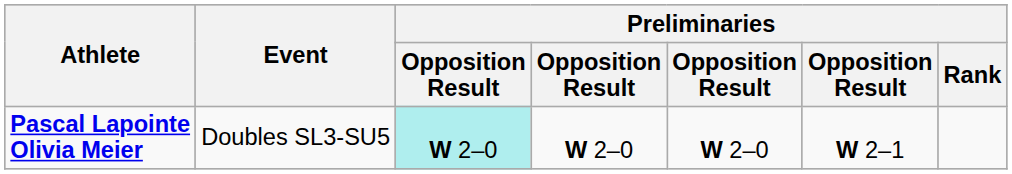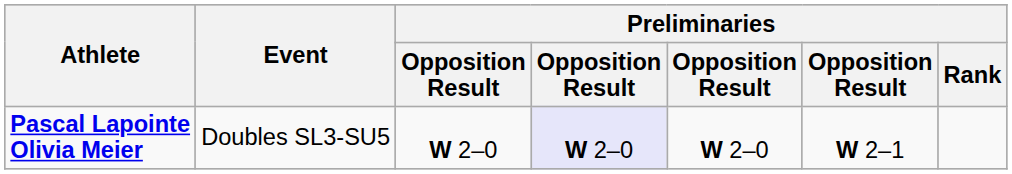 <table class=wikitable style="font-size:90%">
 <tr>
 <th rowspan="2">Athlete</th>
 <th rowspan="2">Event</th>
 <th colspan="5">Preliminaries</th>
 </tr>
 <tr>
 <th>Opposition<br>Result</th>
 <th>Opposition<br>Result</th>
 <th>Opposition<br>Result</th>
 <th>Opposition<br>Result</th>
 <th>Rank</th>
 </tr>
 <tr>
 <td><strong><a href='#'>Pascal Lapointe</a></strong><br><strong><a href='#'>Olivia Meier</a></strong></td>
 <td>Doubles SL3-SU5</td>
-<td align="center" style="background: paleturquoise;"><br><strong>W</strong> 2–0</td>
 <td align="center"><br><strong>W</strong> 2–0</td>
+<td align="center" style="background: lavender;"><br><strong>W</strong> 2–0</td>
 <td align="center"><br><strong>W</strong> 2–0</td>
 <td align="center"><br><strong>W</strong> 2–1</td>
 <td align="center"></td>
 </tr>
 </table>
